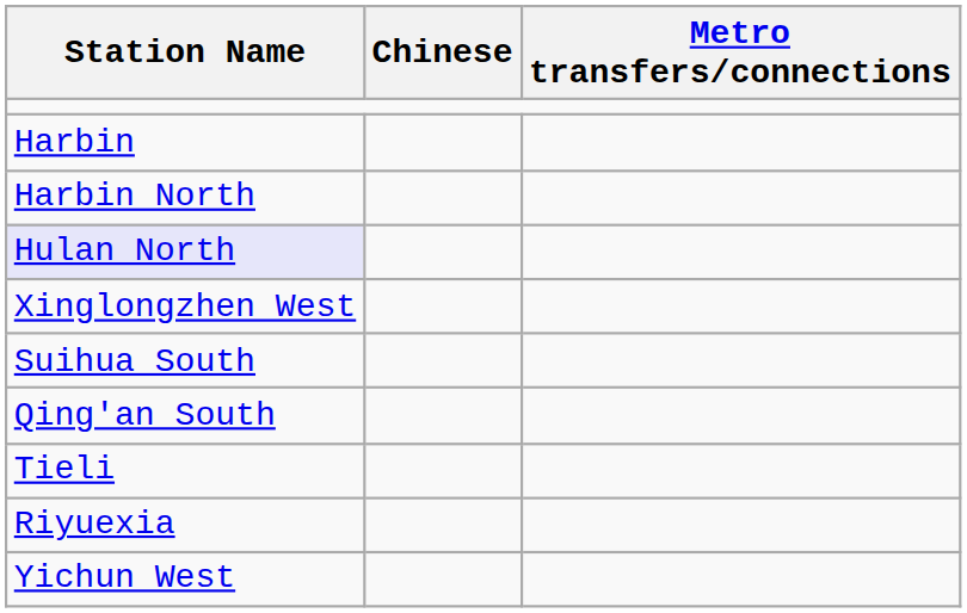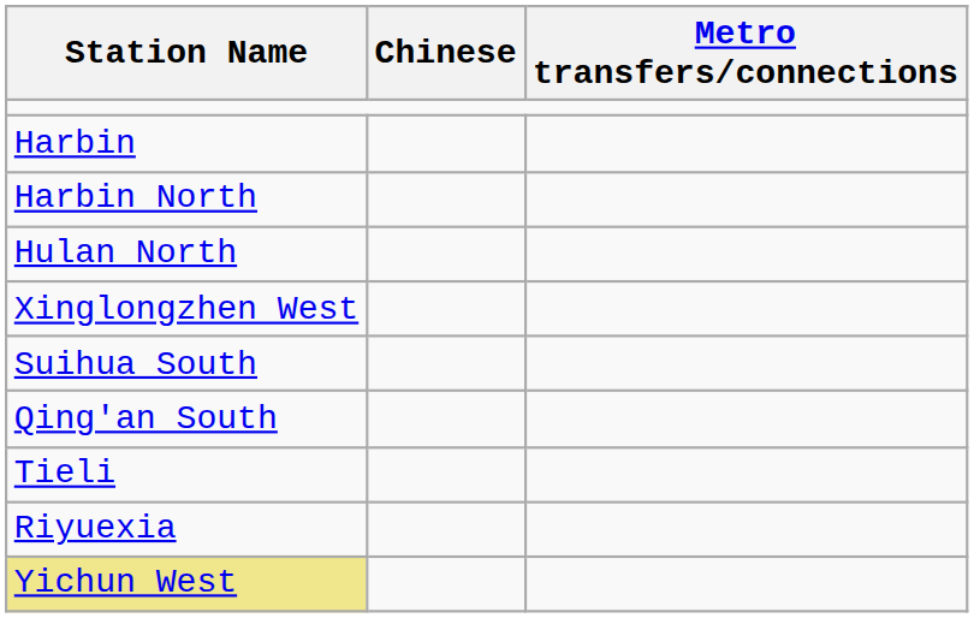 <table class="wikitable">
 <tr>
 <th>Station Name</th>
 <th>Chinese<br></th>
 <th><a href='#'>Metro</a><br>transfers/connections<br> </th>
 </tr>
 <tr style="background:#">
 <td colspan = "11"></td>
 </tr>
 <tr>
 <td><a href='#'>Harbin</a></td>
 <td></td>
 <td> </td>
 </tr>
 <tr>
 <td><a href='#'>Harbin North</a></td>
 <td></td>
 <td> </td>
 </tr>
 <tr>
-<td style="background: lavender;"><a href='#'>Hulan North</a></td>
+<td><a href='#'>Hulan North</a></td>
 <td></td>
 <td></td>
 </tr>
 <tr>
 <td><a href='#'>Xinglongzhen West</a></td>
 <td></td>
 <td></td>
 </tr>
 <tr>
 <td><a href='#'>Suihua South</a></td>
 <td></td>
 <td></td>
 </tr>
 <tr>
 <td><a href='#'>Qing'an South</a></td>
 <td></td>
 <td></td>
 </tr>
 <tr>
 <td><a href='#'>Tieli</a></td>
 <td></td>
 <td></td>
 </tr>
 <tr>
 <td><a href='#'>Riyuexia</a></td>
 <td></td>
 <td></td>
 </tr>
 <tr>
-<td><a href='#'>Yichun West</a></td>
+<td style="background: khaki;"><a href='#'>Yichun West</a></td>
 <td></td>
 <td></td>
 </tr>
 </table>
